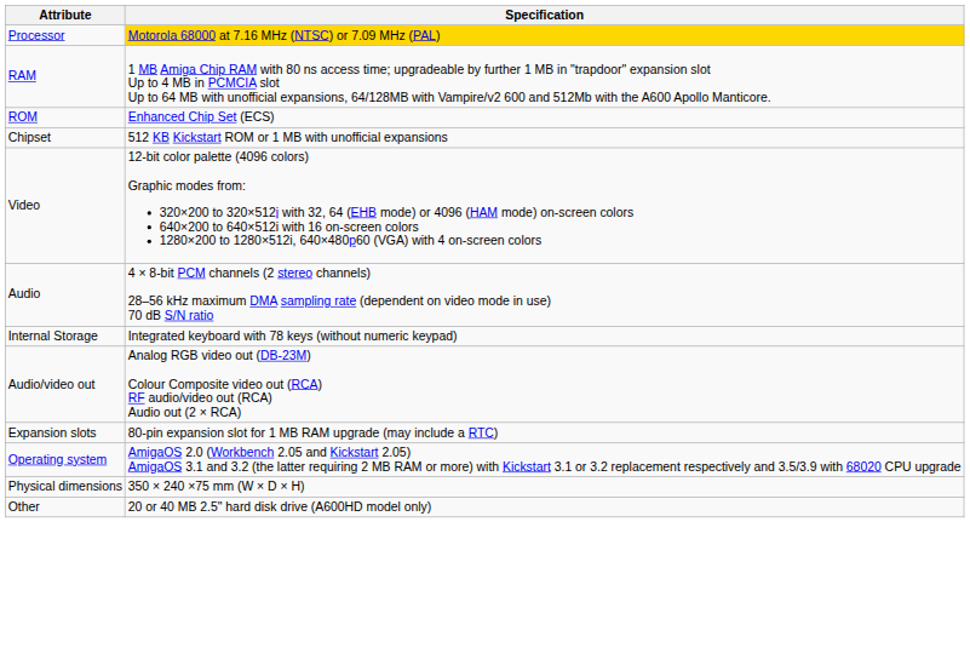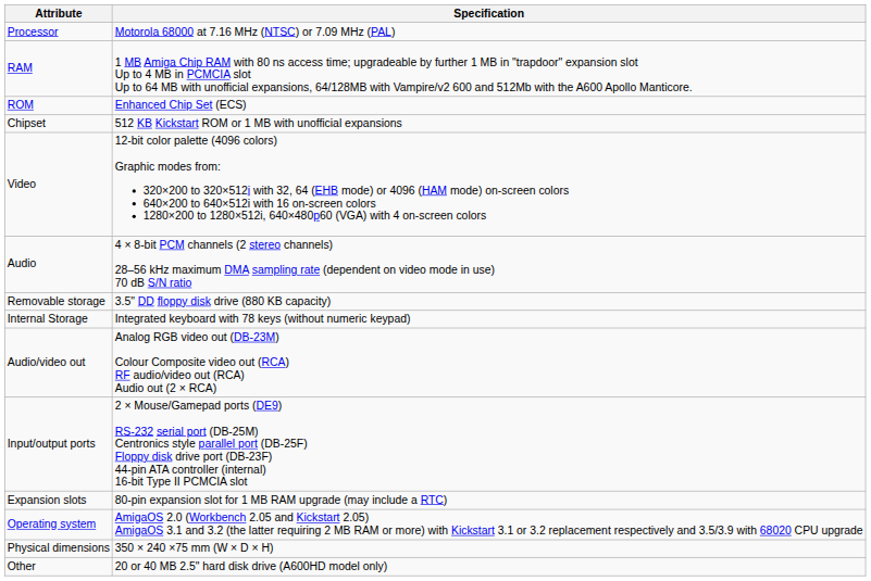 <table class="wikitable">
 <tr>
 <th>Attribute</th>
 <th>Specification</th>
 </tr>
 <tr>
 <td><a href='#'>Processor</a></td>
-<td style="background: gold;"><a href='#'>Motorola 68000</a> at 7.16 MHz (<a href='#'>NTSC</a>) or 7.09 MHz (<a href='#'>PAL</a>)</td>
+<td><a href='#'>Motorola 68000</a> at 7.16 MHz (<a href='#'>NTSC</a>) or 7.09 MHz (<a href='#'>PAL</a>)</td>
 </tr>
 <tr>
 <td><a href='#'>RAM</a></td>
 <td><br>1 <a href='#'>MB</a> <a href='#'>Amiga Chip RAM</a> with 80 ns access time; upgradeable by further 1 MB in "trapdoor" expansion slot<br> Up to 4 MB in <a href='#'>PCMCIA</a> slot<br> Up to 64 MB with unofficial expansions, 64/128MB with Vampire/v2 600 and 512Mb with the A600 Apollo Manticore.</td>
 </tr>
 <tr>
 <td><a href='#'>ROM</a></td>
 <td><a href='#'>Enhanced Chip Set</a> (ECS)</td>
 </tr>
 <tr>
 <td>Chipset</td>
 <td>512 <a href='#'>KB</a> <a href='#'>Kickstart</a> ROM or 1 MB with unofficial expansions</td>
 </tr>
 <tr>
 <td>Video</td>
 <td>12-bit color palette (4096 colors)<br><br>Graphic modes from:<ul><li>320×200 to 320×512<a href='#'>i</a> with 32, 64 (<a href='#'>EHB</a> mode) or 4096 (<a href='#'>HAM</a> mode) on-screen colors</li><li>640×200 to 640×512i with 16 on-screen colors</li><li>1280×200 to 1280×512i, 640×480<a href='#'>p</a>60 (VGA) with 4 on-screen colors</li></ul></td>
 </tr>
 <tr>
 <td>Audio</td>
 <td>4 × 8-bit <a href='#'>PCM</a> channels (2 <a href='#'>stereo</a> channels)<br><br>28–56 kHz maximum <a href='#'>DMA</a> <a href='#'>sampling rate</a> (dependent on video mode in use)<br> 70 dB <a href='#'>S/N ratio</a></td>
 </tr>
 <tr>
+<td>Removable storage</td>
+<td>3.5" <a href='#'>DD</a> <a href='#'>floppy disk</a> drive (880 KB capacity)</td>
+</tr>
+<tr>
 <td>Internal Storage</td>
 <td>Integrated keyboard with 78 keys (without numeric keypad)</td>
 </tr>
 <tr>
 <td>Audio/video out</td>
 <td>Analog RGB video out (<a href='#'>DB-23M</a>)<br><br>Colour Composite video out (<a href='#'>RCA</a>)<br> <a href='#'>RF</a> audio/video out (RCA)<br> Audio out (2 × RCA)</td>
+</tr>
+<tr>
+<td>Input/output ports</td>
+<td>2 × Mouse/Gamepad ports (<a href='#'>DE9</a>)<br><br><a href='#'>RS-232</a> <a href='#'>serial port</a> (DB-25M)<br> Centronics style <a href='#'>parallel port</a> (DB-25F)<br> <a href='#'>Floppy disk</a> drive port (DB-23F)<br> 44-pin ATA controller (internal)<br> 16-bit Type II PCMCIA slot</td>
 </tr>
 <tr>
 <td>Expansion slots</td>
 <td>80-pin expansion slot for 1 MB RAM upgrade (may include a <a href='#'>RTC</a>)</td>
 </tr>
 <tr>
 <td><a href='#'>Operating system</a></td>
 <td><a href='#'>AmigaOS</a> 2.0 (<a href='#'>Workbench</a> 2.05 and <a href='#'>Kickstart</a> 2.05)<br><a href='#'>AmigaOS</a> 3.1 and 3.2 (the latter requiring 2 MB RAM or more) with <a href='#'>Kickstart</a> 3.1 or 3.2 replacement respectively and 3.5/3.9 with <a href='#'>68020</a> CPU upgrade</td>
 </tr>
 <tr>
 <td>Physical dimensions</td>
 <td>350 × 240 ×75 mm (W × D × H)</td>
 </tr>
 <tr>
 <td>Other</td>
 <td>20 or 40 MB 2.5" hard disk drive (A600HD model only)</td>
 </tr>
 </table>
